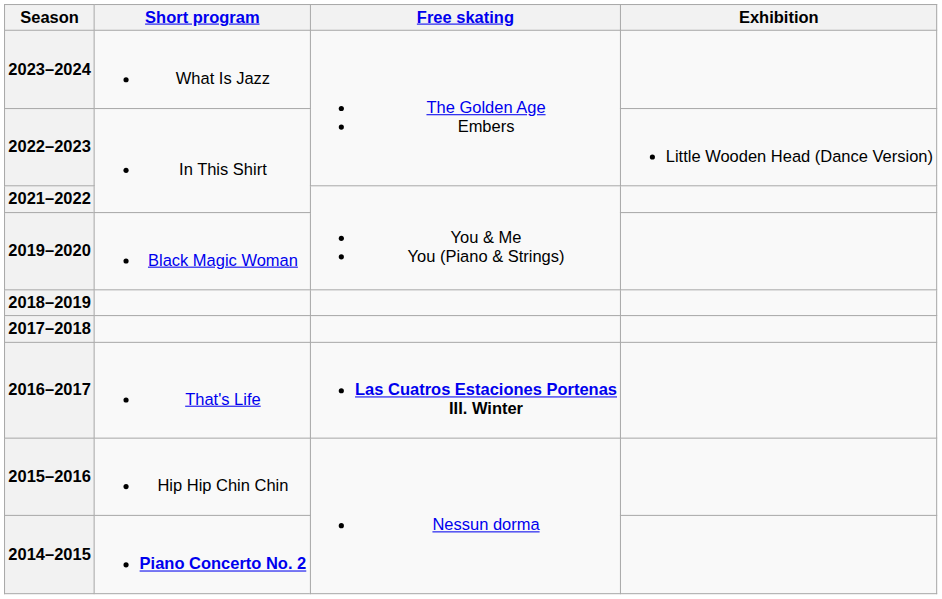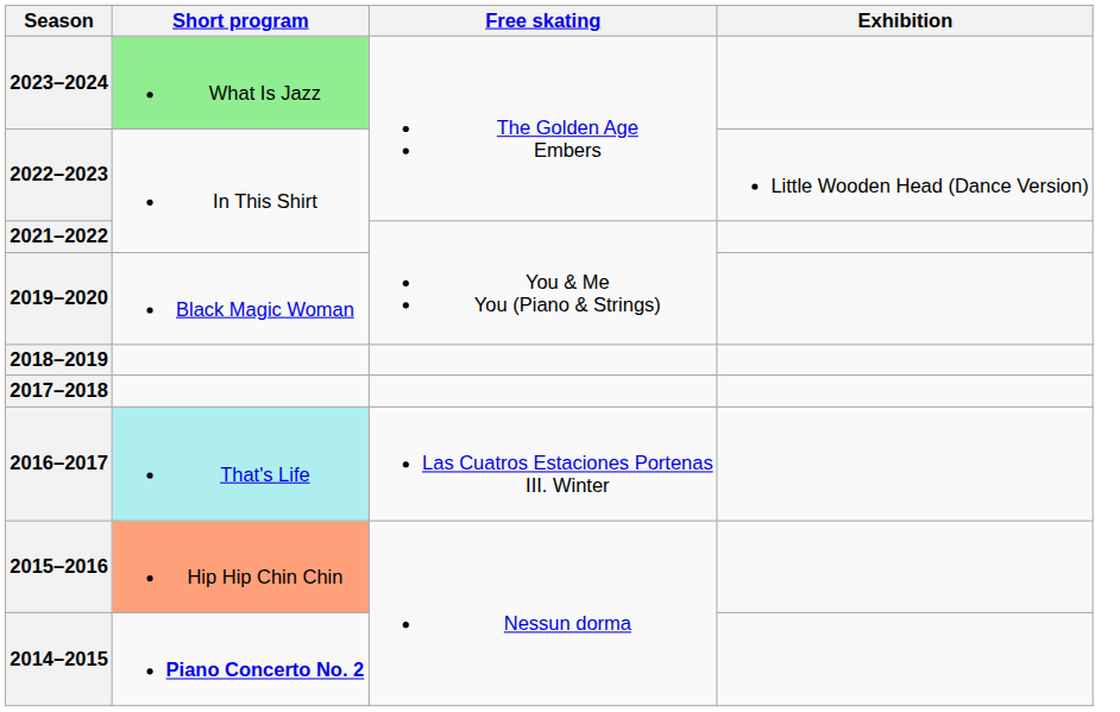 <table class="wikitable" style="text-align:center">
 <tr>
 <th>Season</th>
 <th><a href='#'>Short program</a></th>
 <th><a href='#'>Free skating</a></th>
 <th>Exhibition</th>
 </tr>
 <tr>
 <th>2023–2024<br></th>
-<td><br><ul><li>What Is Jazz <br> </li></ul></td>
+<td style="background: lightgreen;"><br><ul><li>What Is Jazz <br> </li></ul></td>
 <td rowspan=2><br><ul><li><a href='#'>The Golden Age</a> <br> </li><li>Embers <br> </li></ul></td>
 <td></td>
 </tr>
 <tr>
 <th>2022–2023<br></th>
 <td rowspan=2><br><ul><li>In This Shirt <br> </li></ul></td>
 <td><br><ul><li>Little Wooden Head (Dance Version) <br></li></ul></td>
 </tr>
 <tr>
 <th>2021–2022<br></th>
 <td rowspan=2><br><ul><li>You & Me<br></li><li>You (Piano & Strings)<br></li></ul></td>
 <td></td>
 </tr>
 <tr>
 <th>2019–2020<br></th>
 <td><br><ul><li><a href='#'>Black Magic Woman</a><br></li></ul></td>
 <td></td>
 </tr>
 <tr>
 <th>2018–2019</th>
 <td></td>
 <td></td>
 <td></td>
 </tr>
 <tr>
 <th>2017–2018</th>
 <td></td>
 <td></td>
 <td></td>
 </tr>
 <tr>
 <th>2016–2017<br></th>
-<td><br><ul><li><a href='#'>That's Life</a><br></li></ul></td>
-<td><strong><br><ul><li><a href='#'>Las Cuatros Estaciones Portenas</a><br>III. Winter<br></li></ul></strong></td>
+<td style="background: paleturquoise;"><br><ul><li><a href='#'>That's Life</a><br></li></ul></td>
+<td><br><ul><li><a href='#'>Las Cuatros Estaciones Portenas</a><br>III. Winter<br></li></ul></td>
 <td></td>
 </tr>
 <tr>
 <th>2015–2016<br></th>
-<td><br><ul><li>Hip Hip Chin Chin<br></li></ul></td>
+<td style="background: lightsalmon;"><br><ul><li>Hip Hip Chin Chin<br></li></ul></td>
 <td rowspan=2><br><ul><li><a href='#'>Nessun dorma</a><br></li></ul></td>
 <td></td>
 </tr>
 <tr>
 <th>2014–2015<br></th>
 <td><strong><br><ul><li><a href='#'>Piano Concerto No. 2</a><br></li></ul></strong></td>
 <td></td>
 </tr>
 </table>
